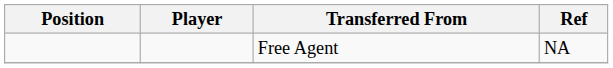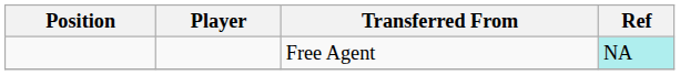 <table class="wikitable sortable" style="width:60%; text-align:center; font-size:100%; text-align:left;">
 <tr>
 <th><strong>Position</strong></th>
 <th><strong>Player</strong></th>
 <th><strong>Transferred From</strong></th>
 <th><strong>Ref</strong></th>
 </tr>
 <tr>
 <td></td>
 <td></td>
 <td>Free Agent</td>
-<td>NA</td>
+<td style="background: paleturquoise;">NA</td>
 </tr>
 <tr>
 </tr>
 </table>
